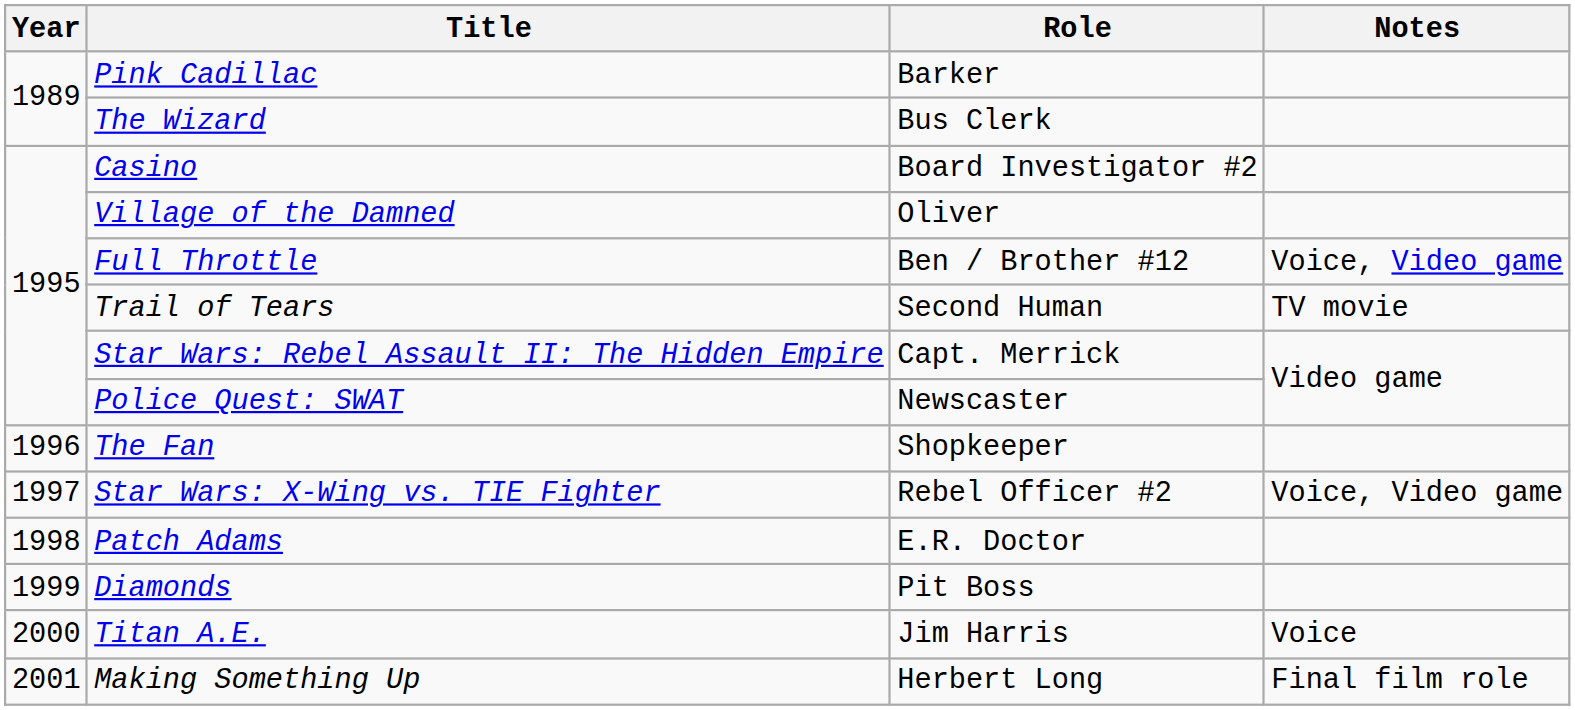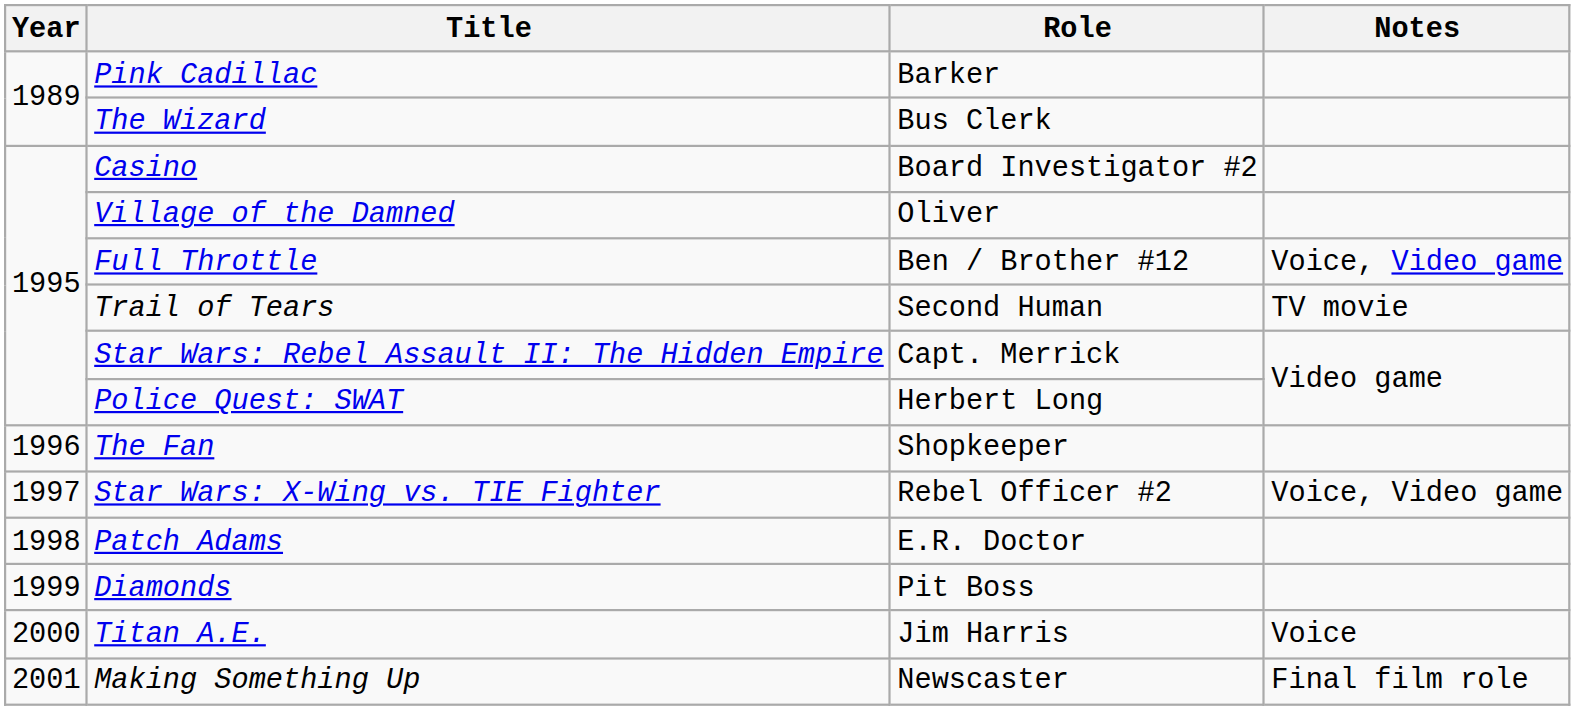 <table class="wikitable">
 <tr>
 <th>Year</th>
 <th>Title</th>
 <th>Role</th>
 <th>Notes</th>
 </tr>
 <tr>
 <td rowspan=2>1989</td>
 <td><em><a href='#'>Pink Cadillac</a></em></td>
 <td>Barker</td>
 <td></td>
 </tr>
 <tr>
 <td><em><a href='#'>The Wizard</a></em></td>
 <td>Bus Clerk</td>
 <td></td>
 </tr>
 <tr>
 <td rowspan=6>1995</td>
 <td><em><a href='#'>Casino</a></em></td>
 <td>Board Investigator #2</td>
 <td></td>
 </tr>
 <tr>
 <td><em><a href='#'>Village of the Damned</a></em></td>
 <td>Oliver</td>
 <td></td>
 </tr>
 <tr>
 <td><em><a href='#'>Full Throttle</a></em></td>
 <td>Ben / Brother #12</td>
 <td>Voice, <a href='#'>Video game</a></td>
 </tr>
 <tr>
 <td><em>Trail of Tears</em></td>
 <td>Second Human</td>
 <td>TV movie</td>
 </tr>
 <tr>
 <td><em><a href='#'>Star Wars: Rebel Assault II: The Hidden Empire</a></em></td>
 <td>Capt. Merrick</td>
 <td rowspan=2>Video game</td>
 </tr>
 <tr>
 <td><em><a href='#'>Police Quest: SWAT</a></em></td>
-<td>Newscaster</td>
+<td>Herbert Long</td>
 </tr>
 <tr>
 <td>1996</td>
 <td><em><a href='#'>The Fan</a></em></td>
 <td>Shopkeeper</td>
 <td></td>
 </tr>
 <tr>
 <td>1997</td>
 <td><em><a href='#'>Star Wars: X-Wing vs. TIE Fighter</a></em></td>
 <td>Rebel Officer #2</td>
 <td>Voice, Video game</td>
 </tr>
 <tr>
 <td>1998</td>
 <td><em><a href='#'>Patch Adams</a></em></td>
 <td>E.R. Doctor</td>
 <td></td>
 </tr>
 <tr>
 <td>1999</td>
 <td><em><a href='#'>Diamonds</a></em></td>
 <td>Pit Boss</td>
 <td></td>
 </tr>
 <tr>
 <td>2000</td>
 <td><em><a href='#'>Titan A.E.</a></em></td>
 <td>Jim Harris</td>
 <td>Voice</td>
 </tr>
 <tr>
 <td>2001</td>
 <td><em>Making Something Up</em></td>
-<td>Herbert Long</td>
+<td>Newscaster</td>
 <td>Final film role</td>
 </tr>
 </table>
